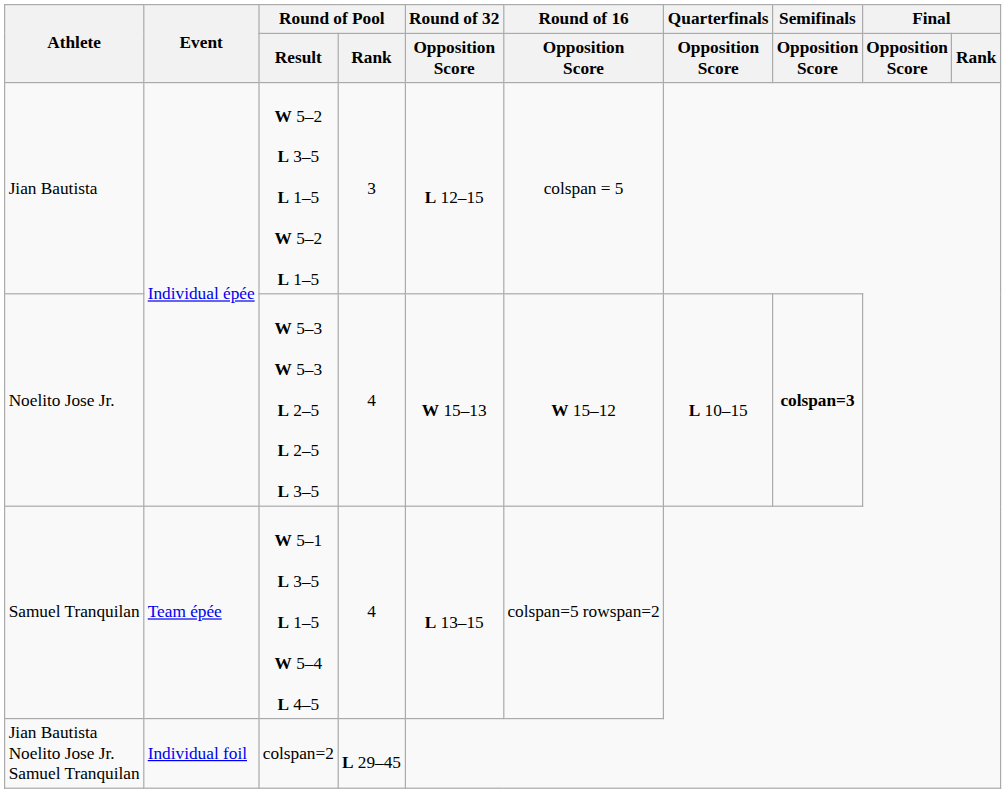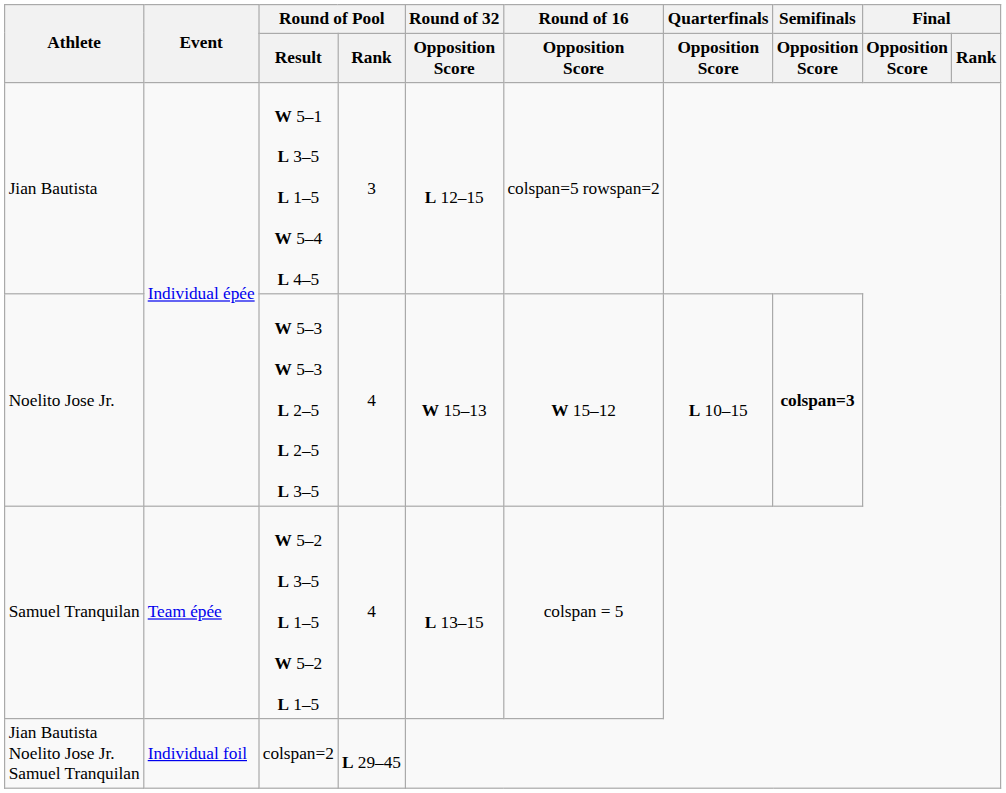 <table class="wikitable" border="1" style="font-size:90%">
 <tr>
 <th rowspan=2>Athlete</th>
 <th rowspan=2>Event</th>
 <th colspan=2>Round of Pool</th>
 <th>Round of 32</th>
 <th>Round of 16</th>
 <th>Quarterfinals</th>
 <th>Semifinals</th>
 <th colspan=2>Final</th>
 </tr>
 <tr>
 <th>Result</th>
 <th>Rank</th>
 <th>Opposition<br>Score</th>
 <th>Opposition<br>Score</th>
 <th>Opposition<br>Score</th>
 <th>Opposition<br>Score</th>
 <th>Opposition<br>Score</th>
 <th>Rank</th>
 </tr>
 <tr align=center>
 <td align=left>Jian Bautista</td>
 <td rowspan=2 align=left><a href='#'>Individual épée</a></td>
-<td><br><strong>W</strong> 5–2<br><br><strong>L</strong> 3–5<br><br><strong>L</strong> 1–5<br><br><strong>W</strong> 5–2<br><br><strong>L</strong> 1–5</td>
+<td><br><strong>W</strong> 5–1<br><br><strong>L</strong> 3–5<br><br><strong>L</strong> 1–5<br><br><strong>W</strong> 5–4<br><br><strong>L</strong> 4–5<br></td>
 <td>3 <strong></strong></td>
 <td><br><strong>L</strong> 12–15</td>
-<td>colspan = 5 </td>
+<td>colspan=5 rowspan=2 </td>
 </tr>
 <tr align=center>
 <td align=left>Noelito Jose Jr.</td>
 <td><br><strong>W</strong> 5–3<br><br><strong>W</strong> 5–3<br><br><strong>L</strong> 2–5<br><br><strong>L</strong> 2–5<br><br><strong>L</strong> 3–5</td>
 <td>4 <strong></strong></td>
 <td><br><strong>W</strong> 15–13</td>
 <td><br><strong>W</strong> 15–12</td>
 <td><br><strong>L</strong> 10–15</td>
 <td><strong>colspan=3 </strong></td>
 </tr>
 <tr align=center>
 <td align=left>Samuel Tranquilan</td>
 <td align=left><a href='#'>Team épée</a></td>
-<td><br><strong>W</strong> 5–1<br><br><strong>L</strong> 3–5<br><br><strong>L</strong> 1–5<br><br><strong>W</strong> 5–4<br><br><strong>L</strong> 4–5<br></td>
+<td><br><strong>W</strong> 5–2<br><br><strong>L</strong> 3–5<br><br><strong>L</strong> 1–5<br><br><strong>W</strong> 5–2<br><br><strong>L</strong> 1–5</td>
 <td>4 <strong></strong></td>
 <td><br><strong>L</strong> 13–15</td>
-<td>colspan=5 rowspan=2 </td>
+<td>colspan = 5 </td>
 </tr>
 <tr align=center>
 <td align=left>Jian Bautista<br>Noelito Jose Jr.<br>Samuel Tranquilan</td>
 <td align=left><a href='#'>Individual foil</a></td>
 <td>colspan=2 </td>
 <td><br><strong>L</strong> 29–45</td>
 </tr>
 </table>
